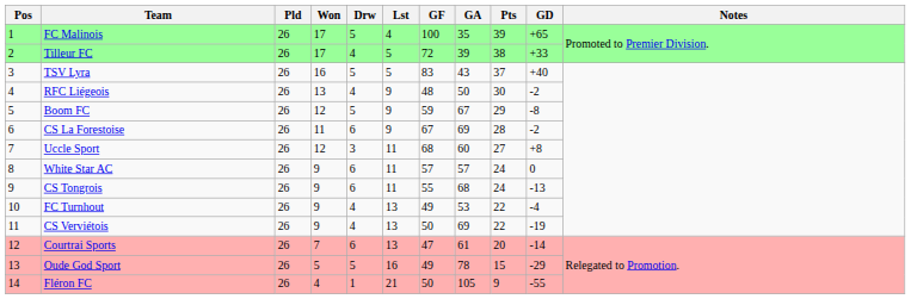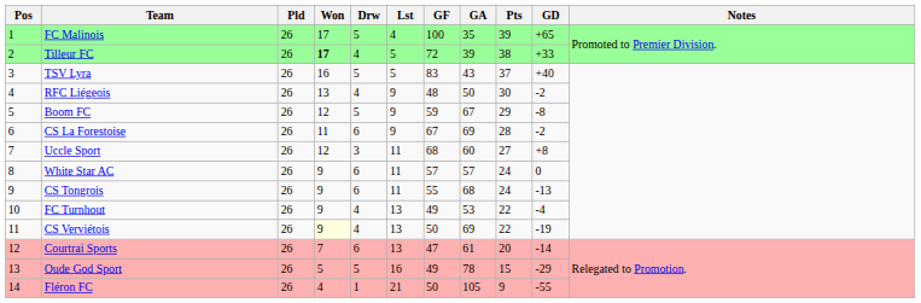 <table class="wikitable" width=70% style="font-size:90%">
 <tr>
 <th width=4%><strong>Pos</strong></th>
 <th width=26%><strong>Team</strong></th>
 <th width=4%><strong>Pld</strong></th>
 <th width=4%><strong>Won</strong></th>
 <th width=4%><strong>Drw</strong></th>
 <th width=4%><strong>Lst</strong></th>
 <th width=4%><strong>GF</strong></th>
 <th width=4%><strong>GA</strong></th>
 <th width=4%><strong>Pts</strong></th>
 <th width=4%><strong>GD</strong></th>
 <th width=38%><strong>Notes</strong></th>
 </tr>
 <tr bgcolor=#99ff99>
 <td>1</td>
 <td><a href='#'>FC Malinois</a></td>
 <td>26</td>
 <td>17</td>
 <td>5</td>
 <td>4</td>
 <td>100</td>
 <td>35</td>
 <td>39</td>
 <td>+65</td>
 <td rowspan=2>Promoted to <a href='#'>Premier Division</a>.</td>
 </tr>
 <tr bgcolor=#99ff99>
 <td>2</td>
 <td><a href='#'>Tilleur FC</a></td>
 <td>26</td>
-<td>17</td>
+<td><strong>17</strong></td>
 <td>4</td>
 <td>5</td>
 <td>72</td>
 <td>39</td>
 <td>38</td>
 <td>+33</td>
 </tr>
 <tr>
 <td>3</td>
 <td><a href='#'>TSV Lyra</a></td>
 <td>26</td>
 <td>16</td>
 <td>5</td>
 <td>5</td>
 <td>83</td>
 <td>43</td>
 <td>37</td>
 <td>+40</td>
 </tr>
 <tr>
 <td>4</td>
 <td><a href='#'>RFC Liégeois</a></td>
 <td>26</td>
 <td>13</td>
 <td>4</td>
 <td>9</td>
 <td>48</td>
 <td>50</td>
 <td>30</td>
 <td>-2</td>
 </tr>
 <tr>
 <td>5</td>
 <td><a href='#'>Boom FC</a></td>
 <td>26</td>
 <td>12</td>
 <td>5</td>
 <td>9</td>
 <td>59</td>
 <td>67</td>
 <td>29</td>
 <td>-8</td>
 </tr>
 <tr>
 <td>6</td>
 <td><a href='#'>CS La Forestoise</a></td>
 <td>26</td>
 <td>11</td>
 <td>6</td>
 <td>9</td>
 <td>67</td>
 <td>69</td>
 <td>28</td>
 <td>-2</td>
 </tr>
 <tr>
 <td>7</td>
 <td><a href='#'>Uccle Sport</a></td>
 <td>26</td>
 <td>12</td>
 <td>3</td>
 <td>11</td>
 <td>68</td>
 <td>60</td>
 <td>27</td>
 <td>+8</td>
 </tr>
 <tr>
 <td>8</td>
 <td><a href='#'>White Star AC</a></td>
 <td>26</td>
 <td>9</td>
 <td>6</td>
 <td>11</td>
 <td>57</td>
 <td>57</td>
 <td>24</td>
 <td>0</td>
 </tr>
 <tr>
 <td>9</td>
 <td><a href='#'>CS Tongrois</a></td>
 <td>26</td>
 <td>9</td>
 <td>6</td>
 <td>11</td>
 <td>55</td>
 <td>68</td>
 <td>24</td>
 <td>-13</td>
 </tr>
 <tr>
 <td>10</td>
 <td><a href='#'>FC Turnhout</a></td>
 <td>26</td>
 <td>9</td>
 <td>4</td>
 <td>13</td>
 <td>49</td>
 <td>53</td>
 <td>22</td>
 <td>-4</td>
 </tr>
 <tr>
 <td>11</td>
 <td><a href='#'>CS Verviétois</a></td>
 <td>26</td>
-<td>9</td>
+<td style="background: lightyellow;">9</td>
 <td>4</td>
 <td>13</td>
 <td>50</td>
 <td>69</td>
 <td>22</td>
 <td>-19</td>
 </tr>
 <tr bgcolor=#ffb0b0>
 <td>12</td>
 <td><a href='#'>Courtrai Sports</a></td>
 <td>26</td>
 <td>7</td>
 <td>6</td>
 <td>13</td>
 <td>47</td>
 <td>61</td>
 <td>20</td>
 <td>-14</td>
 <td rowspan=3>Relegated to <a href='#'>Promotion</a>.</td>
 </tr>
 <tr bgcolor=#ffb0b0>
 <td>13</td>
 <td><a href='#'>Oude God Sport</a></td>
 <td>26</td>
 <td>5</td>
 <td>5</td>
 <td>16</td>
 <td>49</td>
 <td>78</td>
 <td>15</td>
 <td>-29</td>
 </tr>
 <tr bgcolor=#ffb0b0>
 <td>14</td>
 <td><a href='#'>Fléron FC</a></td>
 <td>26</td>
 <td>4</td>
 <td>1</td>
 <td>21</td>
 <td>50</td>
 <td>105</td>
 <td>9</td>
 <td>-55</td>
 </tr>
 </table>
